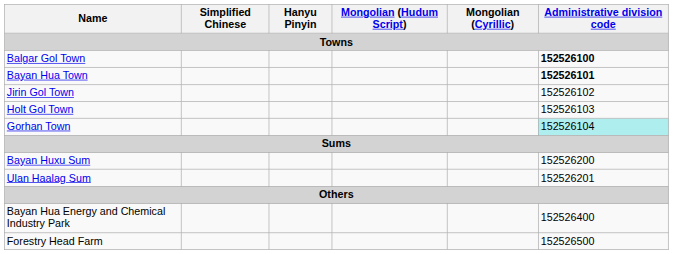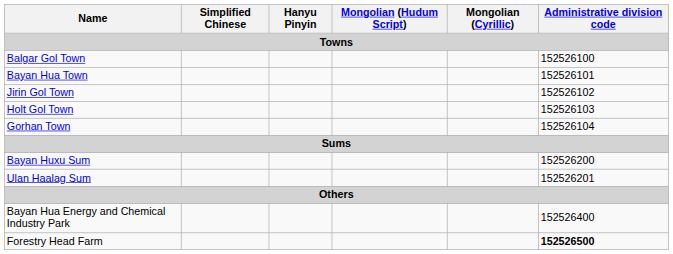 <table class="wikitable" align="center" style="width:50%; border="1">
 <tr>
 <th>Name</th>
 <th>Simplified Chinese</th>
 <th>Hanyu Pinyin</th>
 <th><a href='#'>Mongolian</a> (<a href='#'>Hudum Script</a>)</th>
 <th>Mongolian (<a href='#'>Cyrillic</a>)</th>
 <th><a href='#'>Administrative division code</a></th>
 </tr>
 <tr>
 <td colspan="6"  style="text-align:center; background:#d3d3d3;"><strong>Towns</strong></td>
 </tr>
 <tr --------->
 <td><a href='#'>Balgar Gol Town</a></td>
 <td></td>
 <td></td>
 <td></td>
 <td></td>
-<td><strong>152526100</strong></td>
+<td>152526100</td>
 </tr>
 <tr>
 <td><a href='#'>Bayan Hua Town</a></td>
 <td></td>
 <td></td>
 <td></td>
 <td></td>
-<td><strong>152526101</strong></td>
+<td>152526101</td>
 </tr>
 <tr>
 <td><a href='#'>Jirin Gol Town</a></td>
 <td></td>
 <td></td>
 <td></td>
 <td></td>
 <td>152526102</td>
 </tr>
 <tr>
 <td><a href='#'>Holt Gol Town</a></td>
 <td></td>
 <td></td>
 <td></td>
 <td></td>
 <td>152526103</td>
 </tr>
 <tr>
 <td><a href='#'>Gorhan Town</a></td>
 <td></td>
 <td></td>
 <td></td>
 <td></td>
-<td style="background: paleturquoise;">152526104</td>
+<td>152526104</td>
 </tr>
 <tr>
 <td colspan="6"  style="text-align:center; background:#d3d3d3;"><strong>Sums</strong></td>
 </tr>
 <tr --------->
 <td><a href='#'>Bayan Huxu Sum</a></td>
 <td></td>
 <td></td>
 <td></td>
 <td></td>
 <td>152526200</td>
 </tr>
 <tr>
 <td><a href='#'>Ulan Haalag Sum</a></td>
 <td></td>
 <td></td>
 <td></td>
 <td></td>
 <td>152526201</td>
 </tr>
 <tr>
 <td colspan="6"  style="text-align:center; background:#d3d3d3;"><strong>Others</strong></td>
 </tr>
 <tr --------->
 <td>Bayan Hua Energy and Chemical Industry Park</td>
 <td></td>
 <td></td>
 <td></td>
 <td></td>
 <td>152526400</td>
 </tr>
 <tr>
 <td>Forestry Head Farm</td>
 <td></td>
 <td></td>
 <td></td>
 <td></td>
-<td>152526500</td>
+<td><strong>152526500</strong></td>
 </tr>
 </table>
